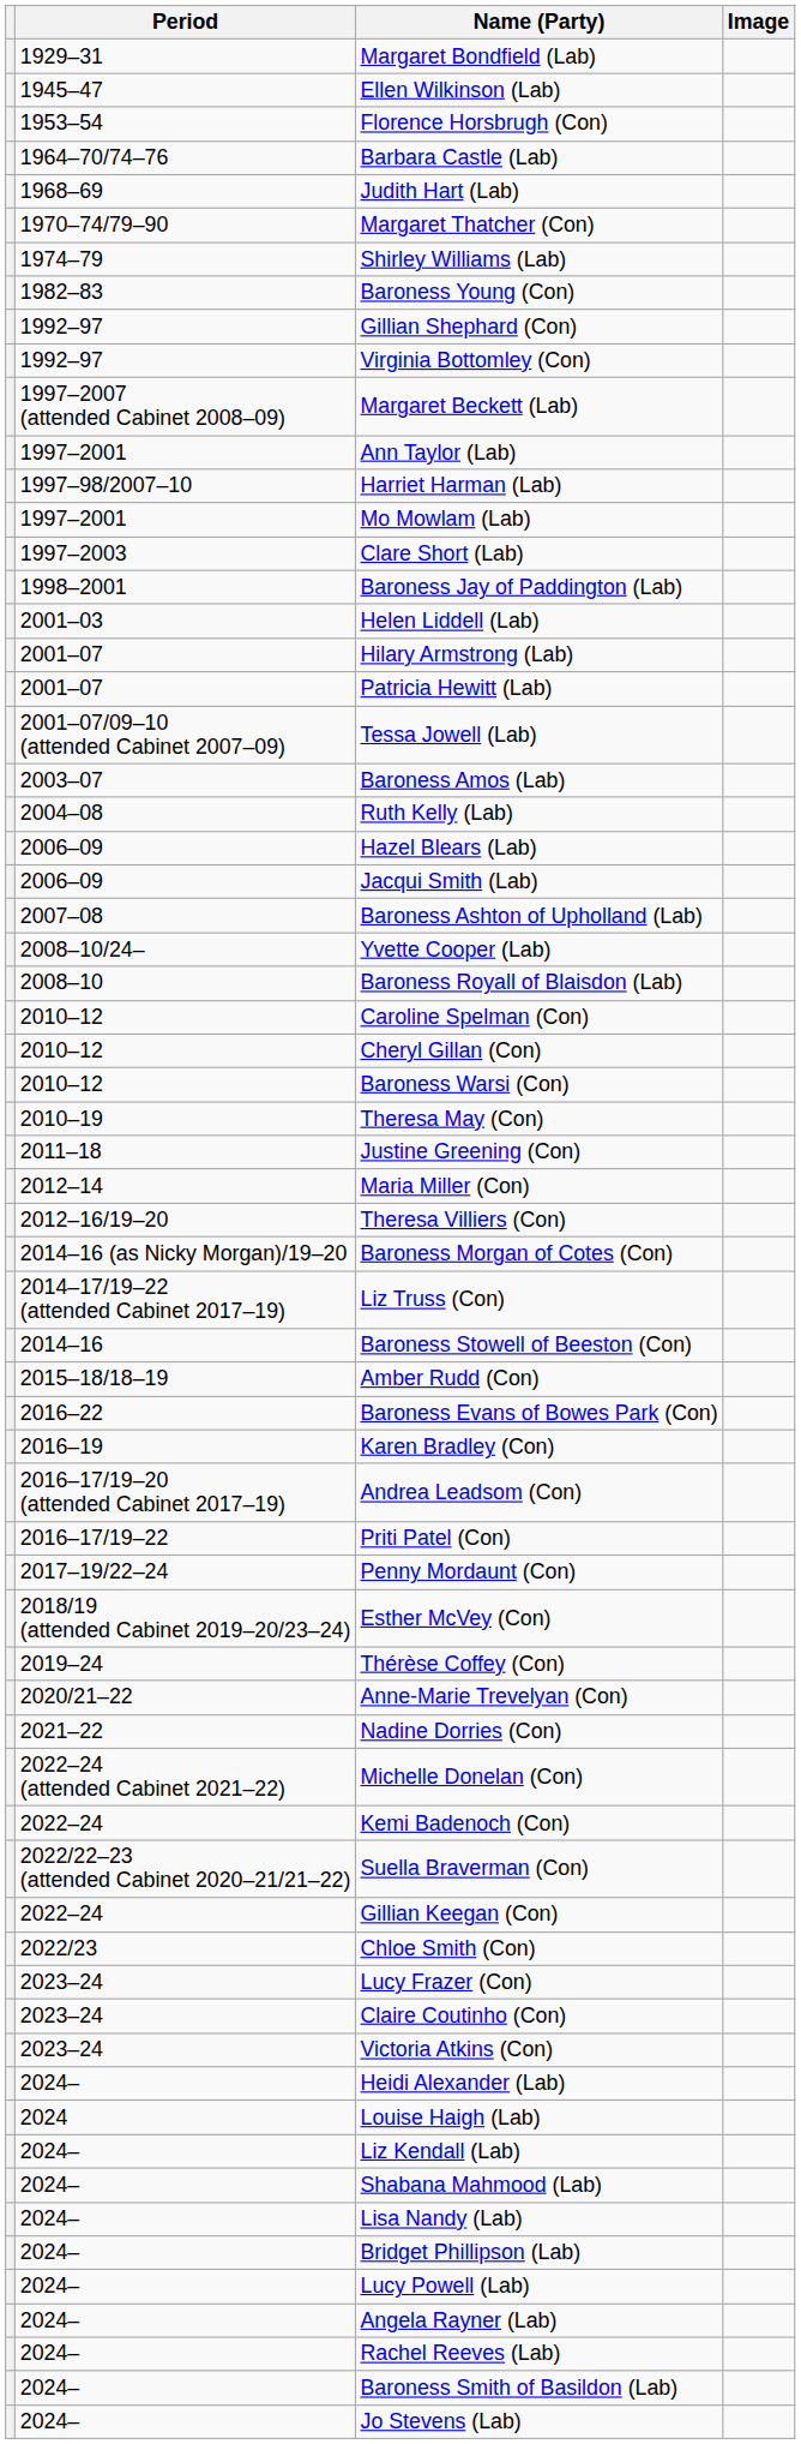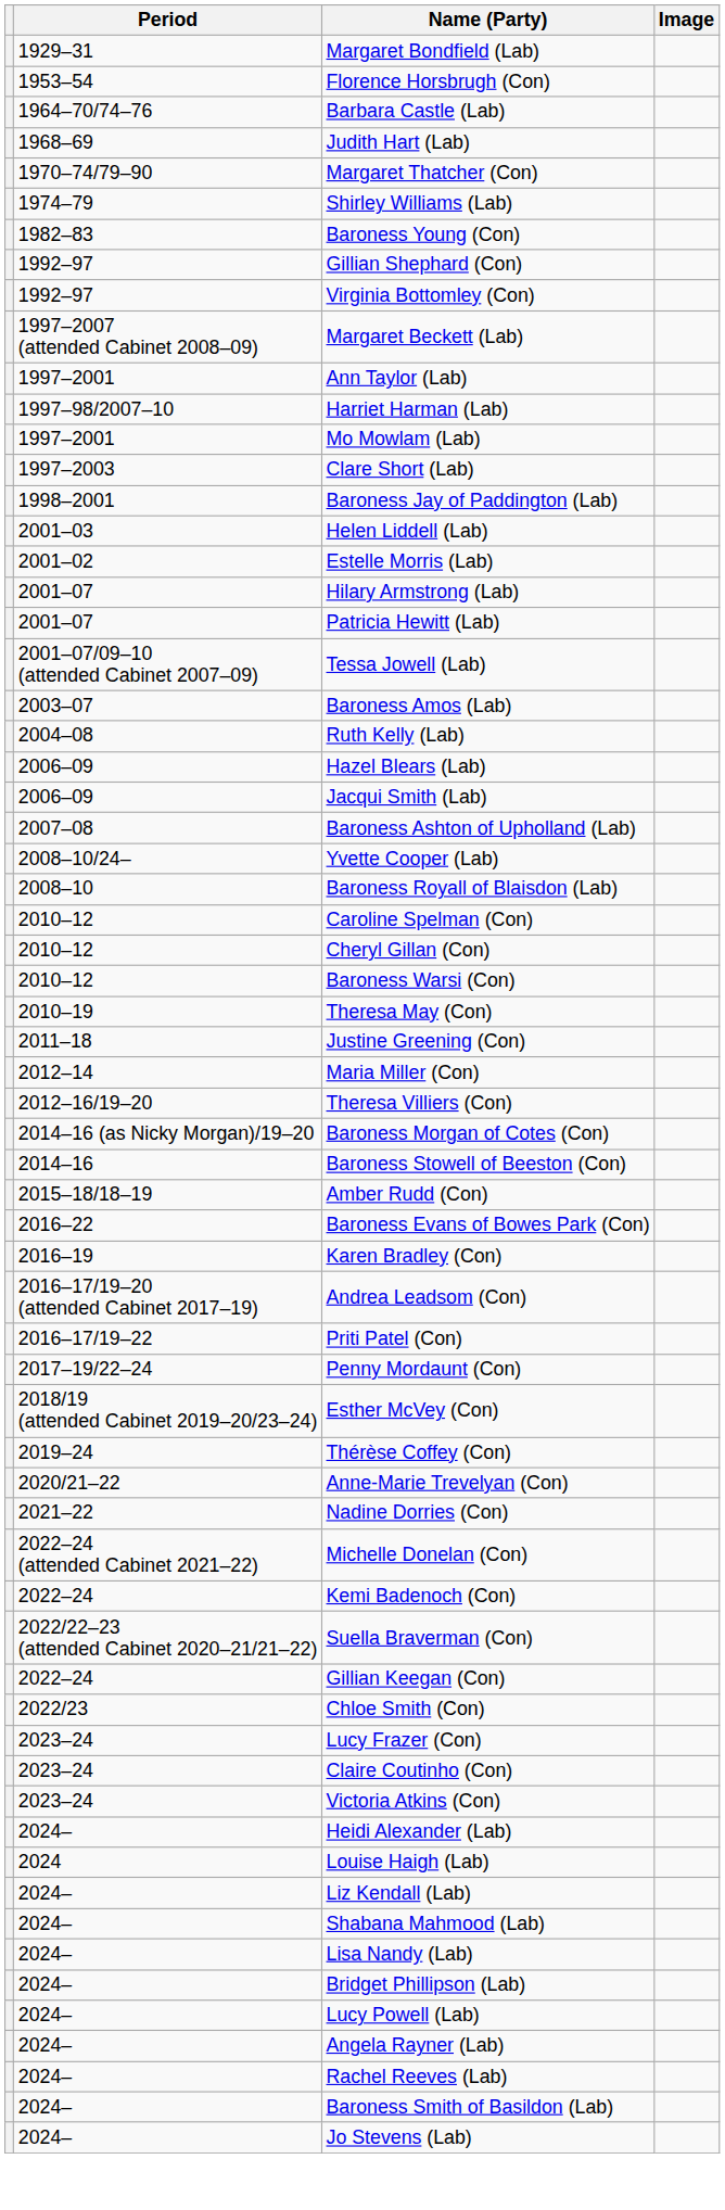 <table class="wikitable">
 <tr>
 <th></th>
 <th>Period</th>
 <th>Name (Party)</th>
 <th>Image</th>
 </tr>
 <tr>
 <th style="background-color: "></th>
 <td>1929–31</td>
 <td><a href='#'>Margaret Bondfield</a> (Lab)</td>
-<td></td>
-</tr>
-<tr>
-<th style="background-color: "></th>
-<td>1945–47</td>
-<td><a href='#'>Ellen Wilkinson</a> (Lab)</td>
 <td></td>
 </tr>
 <tr>
 <th style="background-color: "></th>
 <td>1953–54</td>
 <td><a href='#'>Florence Horsbrugh</a> (Con)</td>
 <td></td>
 </tr>
 <tr>
 <th style="background-color: "></th>
 <td>1964–70/74–76</td>
 <td><a href='#'>Barbara Castle</a> (Lab)</td>
 <td></td>
 </tr>
 <tr>
 <th style="background-color: "></th>
 <td>1968–69</td>
 <td><a href='#'>Judith Hart</a> (Lab)</td>
 <td></td>
 </tr>
 <tr>
 <th style="background-color: "></th>
 <td>1970–74/79–90</td>
 <td><a href='#'>Margaret Thatcher</a> (Con)</td>
 <td></td>
 </tr>
 <tr>
 <th style="background-color: "></th>
 <td>1974–79</td>
 <td><a href='#'>Shirley Williams</a> (Lab)</td>
 <td></td>
 </tr>
 <tr>
 <th style="background-color: "></th>
 <td>1982–83</td>
 <td><a href='#'>Baroness Young</a> (Con)</td>
 <td></td>
 </tr>
 <tr>
 <th style="background-color: "></th>
 <td>1992–97</td>
 <td><a href='#'>Gillian Shephard</a> (Con)</td>
 <td></td>
 </tr>
 <tr>
 <th style="background-color: "></th>
 <td>1992–97</td>
 <td><a href='#'>Virginia Bottomley</a> (Con)</td>
 <td></td>
 </tr>
 <tr>
 <th style="background-color: "></th>
 <td>1997–2007<br>(attended Cabinet 2008–09)</td>
 <td><a href='#'>Margaret Beckett</a> (Lab)</td>
 <td></td>
 </tr>
 <tr>
 <th style="background-color: "></th>
 <td>1997–2001</td>
 <td><a href='#'>Ann Taylor</a> (Lab)</td>
 <td></td>
 </tr>
 <tr>
 <th style="background-color: "></th>
 <td>1997–98/2007–10</td>
 <td><a href='#'>Harriet Harman</a> (Lab)</td>
 <td></td>
 </tr>
 <tr>
 <th style="background-color: "></th>
 <td>1997–2001</td>
 <td><a href='#'>Mo Mowlam</a> (Lab)</td>
 <td></td>
 </tr>
 <tr>
 <th style="background-color: "></th>
 <td>1997–2003</td>
 <td><a href='#'>Clare Short</a> (Lab)</td>
 <td></td>
 </tr>
 <tr>
 <th style="background-color: "></th>
 <td>1998–2001</td>
 <td><a href='#'>Baroness Jay of Paddington</a> (Lab)</td>
 <td></td>
 </tr>
 <tr>
 <th style="background-color: "></th>
 <td>2001–03</td>
 <td><a href='#'>Helen Liddell</a> (Lab)</td>
+<td></td>
+</tr>
+<tr>
+<th style="background-color: "></th>
+<td>2001–02</td>
+<td><a href='#'>Estelle Morris</a> (Lab)</td>
 <td></td>
 </tr>
 <tr>
 <th style="background-color: "></th>
 <td>2001–07</td>
 <td><a href='#'>Hilary Armstrong</a> (Lab)</td>
 <td></td>
 </tr>
 <tr>
 <th style="background-color: "></th>
 <td>2001–07</td>
 <td><a href='#'>Patricia Hewitt</a> (Lab)</td>
 <td></td>
 </tr>
 <tr>
 <th style="background-color: "></th>
 <td>2001–07/09–10<br>(attended Cabinet 2007–09)</td>
 <td><a href='#'>Tessa Jowell</a> (Lab)</td>
 <td></td>
 </tr>
 <tr>
 <th style="background-color: "></th>
 <td>2003–07</td>
 <td><a href='#'>Baroness Amos</a> (Lab)</td>
 <td></td>
 </tr>
 <tr>
 <th style="background-color: "></th>
 <td>2004–08</td>
 <td><a href='#'>Ruth Kelly</a> (Lab)</td>
 <td></td>
 </tr>
 <tr>
 <th style="background-color: "></th>
 <td>2006–09</td>
 <td><a href='#'>Hazel Blears</a> (Lab)</td>
 <td></td>
 </tr>
 <tr>
 <th style="background-color: "></th>
 <td>2006–09</td>
 <td><a href='#'>Jacqui Smith</a> (Lab)</td>
 <td></td>
 </tr>
 <tr>
 <th style="background-color: "></th>
 <td>2007–08</td>
 <td><a href='#'>Baroness Ashton of Upholland</a> (Lab)</td>
 <td></td>
 </tr>
 <tr>
 <th style="background-color: "></th>
 <td>2008–10/24–</td>
 <td><a href='#'>Yvette Cooper</a> (Lab)</td>
 <td></td>
 </tr>
 <tr>
 <th style="background-color: "></th>
 <td>2008–10</td>
 <td><a href='#'>Baroness Royall of Blaisdon</a> (Lab)</td>
 <td></td>
 </tr>
 <tr>
 <th style="background-color: "></th>
 <td>2010–12</td>
 <td><a href='#'>Caroline Spelman</a> (Con)</td>
 <td></td>
 </tr>
 <tr>
 <th style="background-color: "></th>
 <td>2010–12</td>
 <td><a href='#'>Cheryl Gillan</a> (Con)</td>
 <td></td>
 </tr>
 <tr>
 <th style="background-color: "></th>
 <td>2010–12</td>
 <td><a href='#'>Baroness Warsi</a> (Con)</td>
 <td></td>
 </tr>
 <tr>
 <th style="background-color: "></th>
 <td>2010–19</td>
 <td><a href='#'>Theresa May</a> (Con)</td>
 <td></td>
 </tr>
 <tr>
 <th style="background-color: "></th>
 <td>2011–18</td>
 <td><a href='#'>Justine Greening</a> (Con)</td>
 <td></td>
 </tr>
 <tr>
 <th style="background-color: "></th>
 <td>2012–14</td>
 <td><a href='#'>Maria Miller</a> (Con)</td>
 <td></td>
 </tr>
 <tr>
 <th style="background-color: "></th>
 <td>2012–16/19–20</td>
 <td><a href='#'>Theresa Villiers</a> (Con)</td>
 <td></td>
 </tr>
 <tr>
 <th style="background-color: "></th>
 <td>2014–16 (as Nicky Morgan)/19–20</td>
 <td><a href='#'>Baroness Morgan of Cotes</a> (Con)</td>
-<td></td>
-</tr>
-<tr>
-<th style="background-color: "></th>
-<td>2014–17/19–22<br>(attended Cabinet 2017–19)</td>
-<td><a href='#'>Liz Truss</a> (Con)</td>
 <td></td>
 </tr>
 <tr>
 <th style="background-color: "></th>
 <td>2014–16</td>
 <td><a href='#'>Baroness Stowell of Beeston</a> (Con)</td>
 <td></td>
 </tr>
 <tr>
 <th style="background-color: "></th>
 <td>2015–18/18–19</td>
 <td><a href='#'>Amber Rudd</a> (Con)</td>
 <td></td>
 </tr>
 <tr>
 <th style="background-color: "></th>
 <td>2016–22</td>
 <td><a href='#'>Baroness Evans of Bowes Park</a> (Con)</td>
 <td></td>
 </tr>
 <tr>
 <th style="background-color: "></th>
 <td>2016–19</td>
 <td><a href='#'>Karen Bradley</a> (Con)</td>
 <td></td>
 </tr>
 <tr>
 <th style="background-color: "></th>
 <td>2016–17/19–20<br>(attended Cabinet 2017–19)</td>
 <td><a href='#'>Andrea Leadsom</a> (Con)</td>
 <td></td>
 </tr>
 <tr>
 <th style="background-color: "></th>
 <td>2016–17/19–22</td>
 <td><a href='#'>Priti Patel</a> (Con)</td>
 <td></td>
 </tr>
 <tr>
 <th style="background-color: "></th>
 <td>2017–19/22–24</td>
 <td><a href='#'>Penny Mordaunt</a> (Con)</td>
 <td></td>
 </tr>
 <tr>
 <th style="background-color: "></th>
 <td>2018/19<br>(attended Cabinet 2019–20/23–24)</td>
 <td><a href='#'>Esther McVey</a> (Con)</td>
 <td></td>
 </tr>
 <tr>
 <th style="background-color: "></th>
 <td>2019–24</td>
 <td><a href='#'>Thérèse Coffey</a> (Con)</td>
 <td></td>
 </tr>
 <tr>
 <th style="background-color: "></th>
 <td>2020/21–22</td>
 <td><a href='#'>Anne-Marie Trevelyan</a> (Con)</td>
 <td></td>
 </tr>
 <tr>
 <th style="background-color: "></th>
 <td>2021–22</td>
 <td><a href='#'>Nadine Dorries</a> (Con)</td>
 <td></td>
 </tr>
 <tr>
 <th style="background-color: "></th>
 <td>2022–24<br>(attended Cabinet 2021–22)</td>
 <td><a href='#'>Michelle Donelan</a> (Con)</td>
 <td></td>
 </tr>
 <tr>
 <th style="background-color: "></th>
 <td>2022–24</td>
 <td><a href='#'>Kemi Badenoch</a> (Con)</td>
 <td></td>
 </tr>
 <tr>
 <th style="background-color: "></th>
 <td>2022/22–23<br>(attended Cabinet 2020–21/21–22)</td>
 <td><a href='#'>Suella Braverman</a> (Con)</td>
 <td></td>
 </tr>
 <tr>
 <th style="background-color: "></th>
 <td>2022–24</td>
 <td><a href='#'>Gillian Keegan</a> (Con)</td>
 <td></td>
 </tr>
 <tr>
 <th style="background-color: "></th>
 <td>2022/23</td>
 <td><a href='#'>Chloe Smith</a> (Con)</td>
 <td></td>
 </tr>
 <tr>
 <th style="background-color: "></th>
 <td>2023–24</td>
 <td><a href='#'>Lucy Frazer</a> (Con)</td>
 <td></td>
 </tr>
 <tr>
 <th style="background-color: "></th>
 <td>2023–24</td>
 <td><a href='#'>Claire Coutinho</a> (Con)</td>
 <td></td>
 </tr>
 <tr>
 <th style="background-color: "></th>
 <td>2023–24</td>
 <td><a href='#'>Victoria Atkins</a> (Con)</td>
 <td></td>
 </tr>
 <tr>
 <th style="background-color: "></th>
 <td>2024–</td>
 <td><a href='#'>Heidi Alexander</a> (Lab)</td>
 <td></td>
 </tr>
 <tr>
 <th style="background-color: "></th>
 <td>2024</td>
 <td><a href='#'>Louise Haigh</a> (Lab)</td>
 <td></td>
 </tr>
 <tr>
 <th style="background-color: "></th>
 <td>2024–</td>
 <td><a href='#'>Liz Kendall</a> (Lab)</td>
 <td></td>
 </tr>
 <tr>
 <th style="background-color: "></th>
 <td>2024–</td>
 <td><a href='#'>Shabana Mahmood</a> (Lab)</td>
 <td></td>
 </tr>
 <tr>
 <th style="background-color: "></th>
 <td>2024–</td>
 <td><a href='#'>Lisa Nandy</a> (Lab)</td>
 <td></td>
 </tr>
 <tr>
 <th style="background-color: "></th>
 <td>2024–</td>
 <td><a href='#'>Bridget Phillipson</a> (Lab)</td>
 <td></td>
 </tr>
 <tr>
 <th style="background-color: "></th>
 <td>2024–</td>
 <td><a href='#'>Lucy Powell</a> (Lab)</td>
 <td></td>
 </tr>
 <tr>
 <th style="background-color: "></th>
 <td>2024–</td>
 <td><a href='#'>Angela Rayner</a> (Lab)</td>
 <td></td>
 </tr>
 <tr>
 <th style="background-color: "></th>
 <td>2024–</td>
 <td><a href='#'>Rachel Reeves</a> (Lab)</td>
 <td></td>
 </tr>
 <tr>
 <th style="background-color: "></th>
 <td>2024–</td>
 <td><a href='#'>Baroness Smith of Basildon</a> (Lab)</td>
 <td></td>
 </tr>
 <tr>
 <th style="background-color: "></th>
 <td>2024–</td>
 <td><a href='#'>Jo Stevens</a> (Lab)</td>
 <td></td>
 </tr>
 </table>
